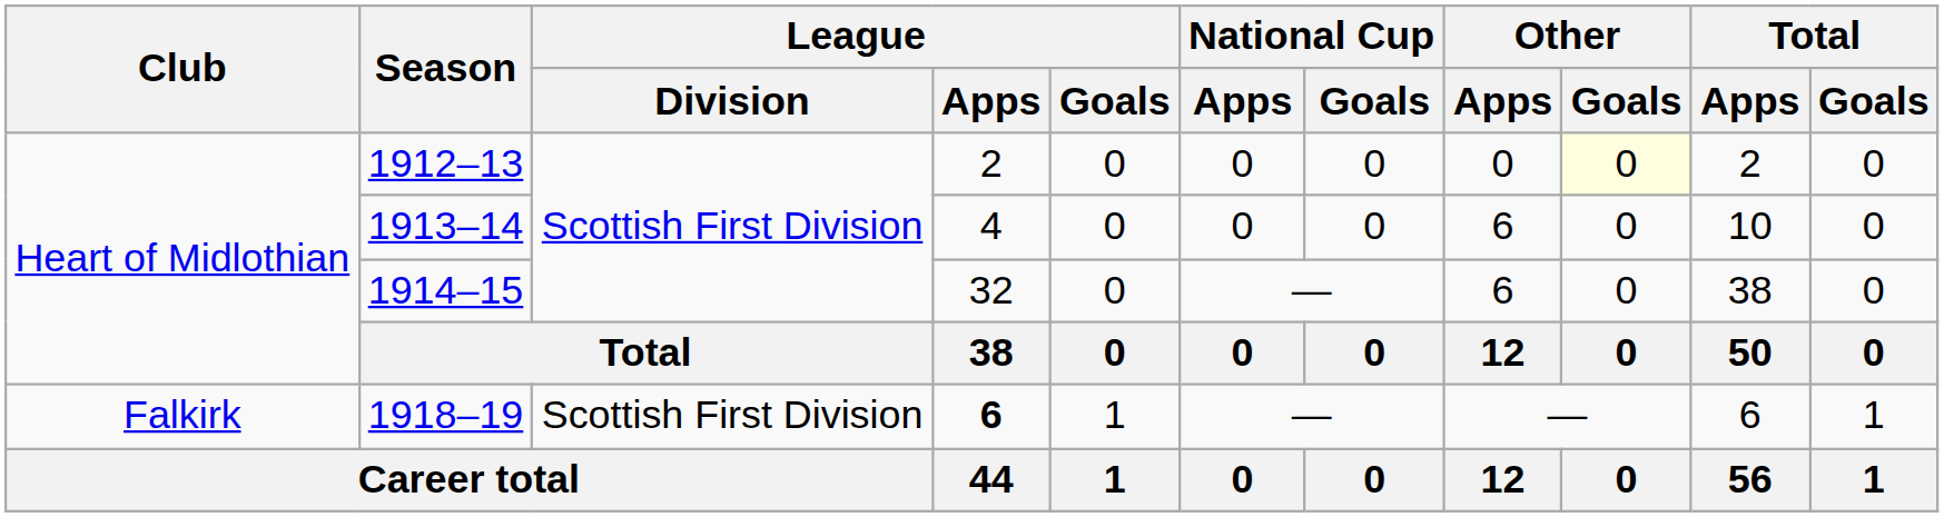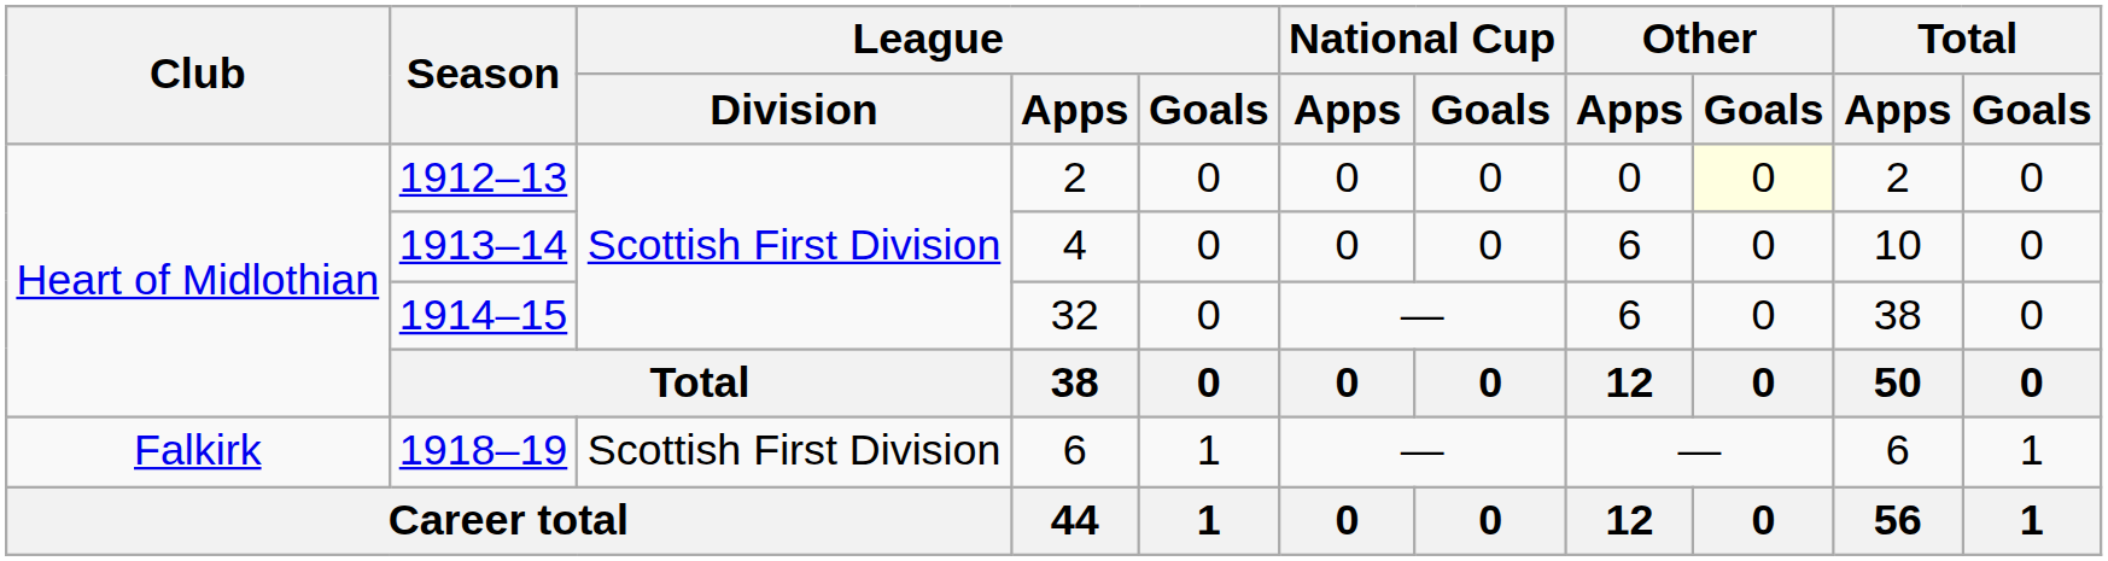 <table class="wikitable" style="text-align: center;">
 <tr>
 <th rowspan="2">Club</th>
 <th rowspan="2">Season</th>
 <th colspan="3">League</th>
 <th colspan="2">National Cup</th>
 <th colspan="2">Other</th>
 <th colspan="2">Total</th>
 </tr>
 <tr>
 <th>Division</th>
 <th>Apps</th>
 <th>Goals</th>
 <th>Apps</th>
 <th>Goals</th>
 <th>Apps</th>
 <th>Goals</th>
 <th>Apps</th>
 <th>Goals</th>
 </tr>
 <tr>
 <td rowspan="4"><a href='#'>Heart of Midlothian</a></td>
 <td><a href='#'>1912–13</a></td>
 <td rowspan="3"><a href='#'>Scottish First Division</a></td>
 <td>2</td>
 <td>0</td>
 <td>0</td>
 <td>0</td>
 <td>0</td>
 <td style="background: lightyellow;">0</td>
 <td>2</td>
 <td>0</td>
 </tr>
 <tr>
 <td><a href='#'>1913–14</a></td>
 <td>4</td>
 <td>0</td>
 <td>0</td>
 <td>0</td>
 <td>6</td>
 <td>0</td>
 <td>10</td>
 <td>0</td>
 </tr>
 <tr>
 <td><a href='#'>1914–15</a></td>
 <td>32</td>
 <td>0</td>
 <td colspan="2">—</td>
 <td>6</td>
 <td>0</td>
 <td>38</td>
 <td>0</td>
 </tr>
 <tr>
 <th colspan="2">Total</th>
 <th>38</th>
 <th>0</th>
 <th>0</th>
 <th>0</th>
 <th>12</th>
 <th>0</th>
 <th>50</th>
 <th>0</th>
 </tr>
 <tr>
 <td><a href='#'>Falkirk</a></td>
 <td><a href='#'>1918–19</a></td>
 <td>Scottish First Division</td>
-<td><strong>6</strong></td>
+<td>6</td>
 <td>1</td>
 <td colspan="2">—</td>
 <td colspan="2">—</td>
 <td>6</td>
 <td>1</td>
 </tr>
 <tr>
 <th colspan="3">Career total</th>
 <th>44</th>
 <th>1</th>
 <th>0</th>
 <th>0</th>
 <th>12</th>
 <th>0</th>
 <th>56</th>
 <th>1</th>
 </tr>
 </table>
